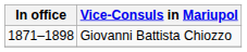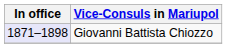 <table class="wikitable">
 <tr>
 <th>In office</th>
 <th><a href='#'>Vice-Consuls</a> in <a href='#'>Mariupol</a></th>
 </tr>
 <tr>
-<td>1871–1898</td>
+<td style="background: lavender;">1871–1898</td>
 <td>Giovanni Battista Chiozzo</td>
 </tr>
 <tr>
 </tr>
 </table>
